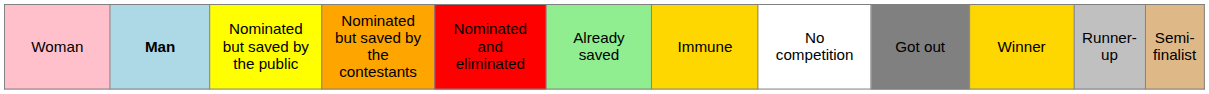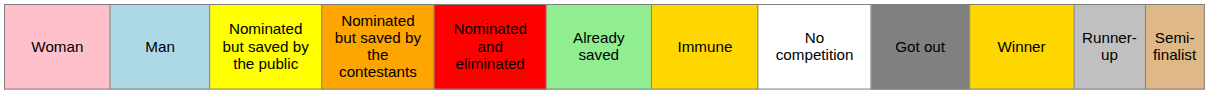 <table border="2" cellpadding="8" style="background:silver; border:1px solid gray; border-collapse:collapse; margin:1em auto; text-align:center; ">
 <tr>
 </tr>
 <tr>
 <td style = "background:pink;" width="10%">Woman</td>
-<td style = "background:lightblue;" width="10%"><strong>Man</strong></td>
+<td style = "background:lightblue;" width="10%">Man</td>
 <td style = "background:yellow;" width="10%">Nominated but saved by the public</td>
 <td style = "background:orange;" width="10%">Nominated but saved by the contestants</td>
 <td style = "background:red;" width="10%"><span>Nominated and eliminated</span></td>
 <td style = "background:lightgreen;" width="10%">Already saved</td>
 <td style = "background:gold;" width="10%">Immune</td>
 <td style = "background:white;" width="10%">No competition</td>
 <td style = "background:grey;" width="10%"><span>Got out</span></td>
 <td style = "background:gold;" width="10%">Winner</td>
 <td style = "background:silver;" width="10%">Runner-up</td>
 <td style = "background:BurlyWood;" width="10%">Semi-finalist</td>
 </tr>
 </table>
